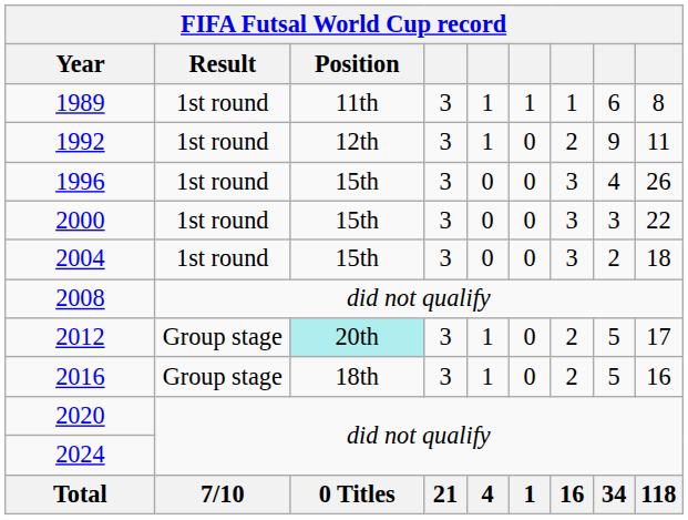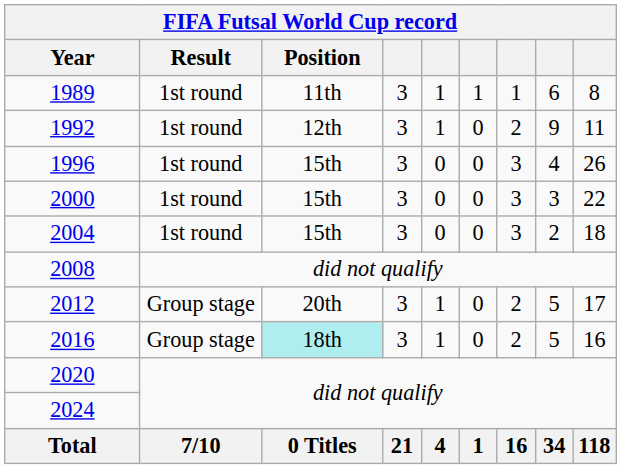 <table class="wikitable" style="text-align: center;">
 <tr>
 <th colspan="9"><a href='#'>FIFA Futsal World Cup record</a></th>
 </tr>
 <tr>
 <th width="90">Year</th>
 <th width="80">Result</th>
 <th width="80">Position</th>
 <th width="20"></th>
 <th width="20"></th>
 <th width="20"></th>
 <th width="20"></th>
 <th width="20"></th>
 <th width="20"></th>
 </tr>
 <tr>
 <td> <a href='#'>1989</a></td>
 <td>1st round</td>
 <td>11th</td>
 <td>3</td>
 <td>1</td>
 <td>1</td>
 <td>1</td>
 <td>6</td>
 <td>8</td>
 </tr>
 <tr>
 <td> <a href='#'>1992</a></td>
 <td>1st round</td>
 <td>12th</td>
 <td>3</td>
 <td>1</td>
 <td>0</td>
 <td>2</td>
 <td>9</td>
 <td>11</td>
 </tr>
 <tr>
 <td> <a href='#'>1996</a></td>
 <td>1st round</td>
 <td>15th</td>
 <td>3</td>
 <td>0</td>
 <td>0</td>
 <td>3</td>
 <td>4</td>
 <td>26</td>
 </tr>
 <tr>
 <td> <a href='#'>2000</a></td>
 <td>1st round</td>
 <td>15th</td>
 <td>3</td>
 <td>0</td>
 <td>0</td>
 <td>3</td>
 <td>3</td>
 <td>22</td>
 </tr>
 <tr>
 <td> <a href='#'>2004</a></td>
 <td>1st round</td>
 <td>15th</td>
 <td>3</td>
 <td>0</td>
 <td>0</td>
 <td>3</td>
 <td>2</td>
 <td>18</td>
 </tr>
 <tr>
 <td> <a href='#'>2008</a></td>
 <td colspan=8><em>did not qualify</em></td>
 </tr>
 <tr>
 <td> <a href='#'>2012</a></td>
 <td>Group stage</td>
-<td style="background: paleturquoise;">20th</td>
+<td>20th</td>
 <td>3</td>
 <td>1</td>
 <td>0</td>
 <td>2</td>
 <td>5</td>
 <td>17</td>
 </tr>
 <tr>
 <td> <a href='#'>2016</a></td>
 <td>Group stage</td>
-<td>18th</td>
+<td style="background: paleturquoise;">18th</td>
 <td>3</td>
 <td>1</td>
 <td>0</td>
 <td>2</td>
 <td>5</td>
 <td>16</td>
 </tr>
 <tr>
 <td> <a href='#'>2020</a></td>
 <td colspan=8 rowspan=2><em>did not qualify</em></td>
 </tr>
 <tr>
 <td> <a href='#'>2024</a></td>
 </tr>
 <tr>
 <th>Total</th>
 <th>7/10</th>
 <th>0 Titles</th>
 <th>21</th>
 <th>4</th>
 <th>1</th>
 <th>16</th>
 <th>34</th>
 <th>118</th>
 </tr>
 </table>
